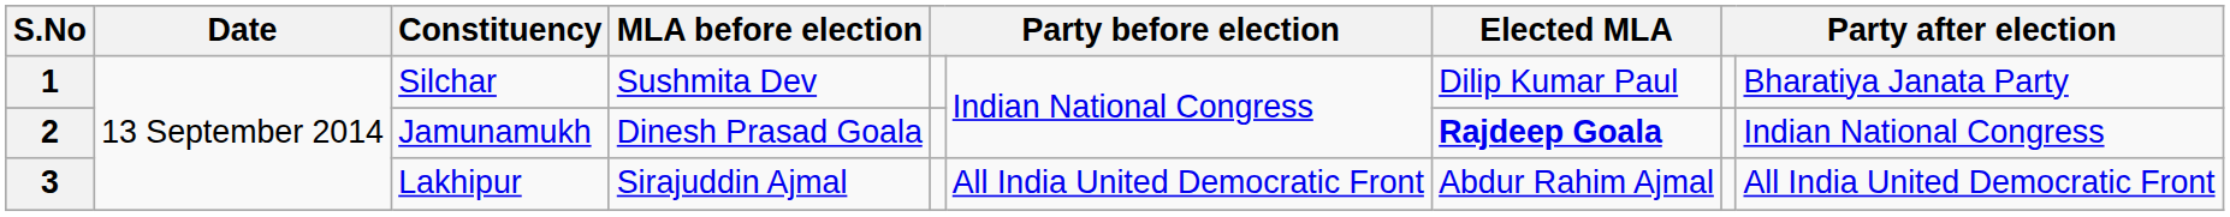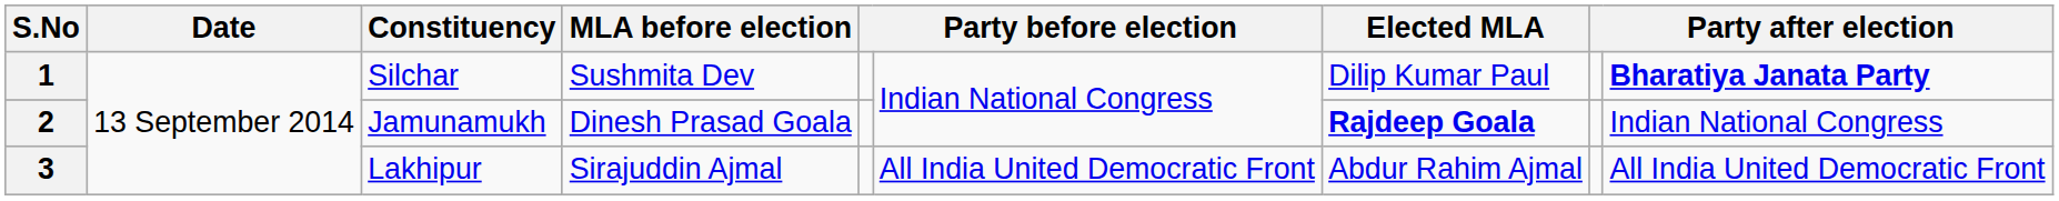 <table class="wikitable sortable">
 <tr>
 <th>S.No</th>
 <th>Date</th>
 <th>Constituency</th>
 <th>MLA before election</th>
 <th colspan="2">Party before election</th>
 <th>Elected MLA</th>
 <th colspan="2">Party after election</th>
 </tr>
 <tr>
 <th>1</th>
 <td rowspan="3">13 September 2014</td>
 <td><a href='#'>Silchar</a></td>
 <td><a href='#'>Sushmita Dev</a></td>
 <td></td>
 <td rowspan="2"><a href='#'>Indian National Congress</a></td>
 <td><a href='#'>Dilip Kumar Paul</a></td>
 <td></td>
-<td><a href='#'>Bharatiya Janata Party</a></td>
+<td><strong><a href='#'>Bharatiya Janata Party</a></strong></td>
 </tr>
 <tr>
 <th>2</th>
 <td><a href='#'>Jamunamukh</a></td>
 <td><a href='#'>Dinesh Prasad Goala</a></td>
 <td></td>
 <td><strong><a href='#'>Rajdeep Goala</a></strong></td>
 <td></td>
 <td><a href='#'>Indian National Congress</a></td>
 </tr>
 <tr>
 <th>3</th>
 <td><a href='#'>Lakhipur</a></td>
 <td><a href='#'>Sirajuddin Ajmal</a></td>
 <td></td>
 <td><a href='#'>All India United Democratic Front</a></td>
 <td><a href='#'>Abdur Rahim Ajmal</a></td>
 <td></td>
 <td><a href='#'>All India United Democratic Front</a></td>
 </tr>
 </table>
